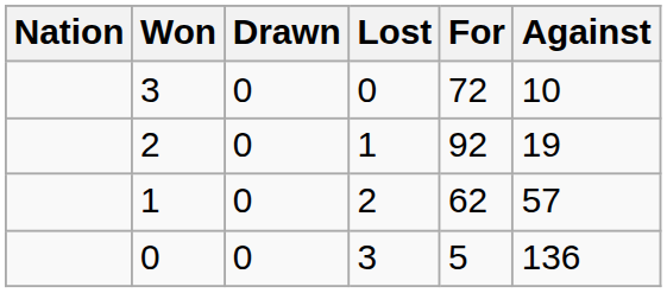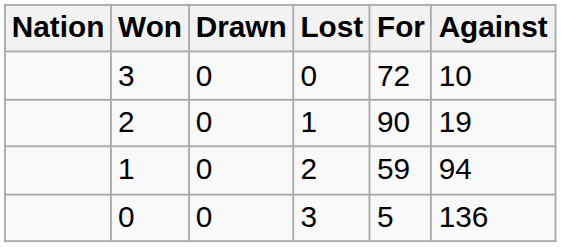 <table class="wikitable">
 <tr>
 <th>Nation</th>
 <th>Won</th>
 <th>Drawn</th>
 <th>Lost</th>
 <th>For</th>
 <th>Against</th>
 </tr>
 <tr>
 <td></td>
 <td>3</td>
 <td>0</td>
 <td>0</td>
 <td>72</td>
 <td>10</td>
 </tr>
 <tr>
 <td></td>
 <td>2</td>
 <td>0</td>
 <td>1</td>
-<td>92</td>
+<td>90</td>
 <td>19</td>
 </tr>
 <tr>
 <td></td>
 <td>1</td>
 <td>0</td>
 <td>2</td>
-<td>62</td>
-<td>57</td>
+<td>59</td>
+<td>94</td>
 </tr>
 <tr>
 <td></td>
 <td>0</td>
 <td>0</td>
 <td>3</td>
 <td>5</td>
 <td>136</td>
 </tr>
 </table>
